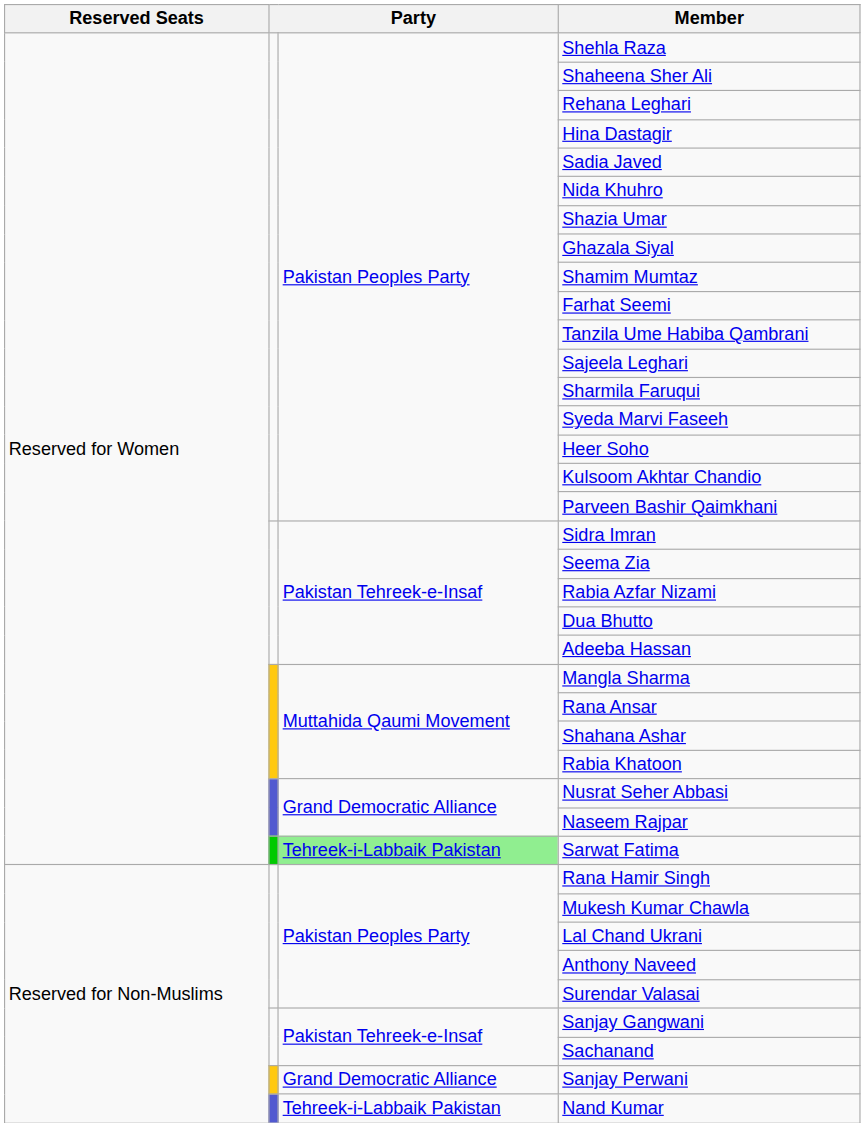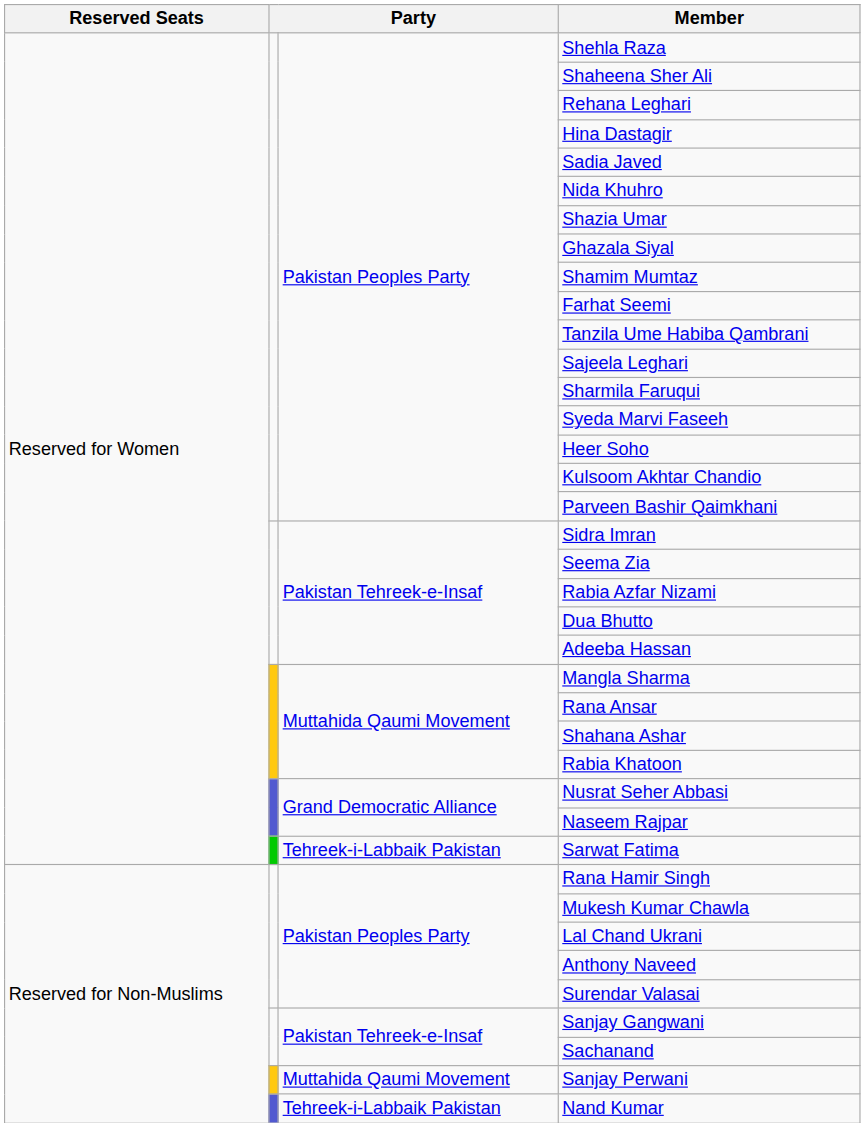 <table class="wikitable sortable" style="width: 60%;">
 <tr>
 <th class="unsortable">Reserved Seats</th>
 <th colspan="2">Party</th>
 <th class="unsortable">Member</th>
 </tr>
 <tr>
 <td rowspan="29">Reserved for Women</td>
 <td rowspan="17" style="background-color:"></td>
 <td rowspan="17"><a href='#'>Pakistan Peoples Party</a></td>
 <td><a href='#'>Shehla Raza</a></td>
 </tr>
 <tr>
 <td><a href='#'>Shaheena Sher Ali</a></td>
 </tr>
 <tr>
 <td><a href='#'>Rehana Leghari</a></td>
 </tr>
 <tr>
 <td><a href='#'>Hina Dastagir</a></td>
 </tr>
 <tr>
 <td><a href='#'>Sadia Javed</a></td>
 </tr>
 <tr>
 <td><a href='#'>Nida Khuhro</a></td>
 </tr>
 <tr>
 <td><a href='#'>Shazia Umar</a></td>
 </tr>
 <tr>
 <td><a href='#'>Ghazala Siyal</a></td>
 </tr>
 <tr>
 <td><a href='#'>Shamim Mumtaz</a></td>
 </tr>
 <tr>
 <td><a href='#'>Farhat Seemi</a></td>
 </tr>
 <tr>
 <td><a href='#'>Tanzila Ume Habiba Qambrani</a></td>
 </tr>
 <tr>
 <td><a href='#'>Sajeela Leghari</a></td>
 </tr>
 <tr>
 <td><a href='#'>Sharmila Faruqui</a></td>
 </tr>
 <tr>
 <td><a href='#'>Syeda Marvi Faseeh</a></td>
 </tr>
 <tr>
 <td><a href='#'>Heer Soho</a></td>
 </tr>
 <tr>
 <td><a href='#'>Kulsoom Akhtar Chandio</a></td>
 </tr>
 <tr>
 <td><a href='#'>Parveen Bashir Qaimkhani</a></td>
 </tr>
 <tr>
 <td rowspan="5" style="background-color:"></td>
 <td rowspan="5"><a href='#'>Pakistan Tehreek-e-Insaf</a></td>
 <td><a href='#'>Sidra Imran</a></td>
 </tr>
 <tr>
 <td><a href='#'>Seema Zia</a></td>
 </tr>
 <tr>
 <td><a href='#'>Rabia Azfar Nizami</a></td>
 </tr>
 <tr>
 <td><a href='#'>Dua Bhutto</a></td>
 </tr>
 <tr>
 <td><a href='#'>Adeeba Hassan</a></td>
 </tr>
 <tr>
 <td rowspan="4" style="background-color:#ffc90e"></td>
 <td rowspan="4"><a href='#'>Muttahida Qaumi Movement</a></td>
 <td><a href='#'>Mangla Sharma</a></td>
 </tr>
 <tr>
 <td><a href='#'>Rana Ansar</a></td>
 </tr>
 <tr>
 <td><a href='#'>Shahana Ashar</a></td>
 </tr>
 <tr>
 <td><a href='#'>Rabia Khatoon</a></td>
 </tr>
 <tr>
 <td rowspan="2" style="background-color:#5159d0 "></td>
 <td rowspan="2"><a href='#'>Grand Democratic Alliance</a></td>
 <td><a href='#'>Nusrat Seher Abbasi</a></td>
 </tr>
 <tr>
 <td><a href='#'>Naseem Rajpar</a></td>
 </tr>
 <tr>
 <td style="color:inherit;background:#00ca00"></td>
-<td style="background: lightgreen;"><a href='#'>Tehreek-i-Labbaik Pakistan</a></td>
+<td><a href='#'>Tehreek-i-Labbaik Pakistan</a></td>
 <td><a href='#'>Sarwat Fatima</a></td>
 </tr>
 <tr>
 <td rowspan="9">Reserved for Non-Muslims</td>
 <td rowspan="5" style="background-color:"></td>
 <td rowspan="5"><a href='#'>Pakistan Peoples Party</a></td>
 <td><a href='#'>Rana Hamir Singh</a></td>
 </tr>
 <tr>
 <td><a href='#'>Mukesh Kumar Chawla</a></td>
 </tr>
 <tr>
 <td><a href='#'>Lal Chand Ukrani</a></td>
 </tr>
 <tr>
 <td><a href='#'>Anthony Naveed</a></td>
 </tr>
 <tr>
 <td><a href='#'>Surendar Valasai</a></td>
 </tr>
 <tr>
 <td rowspan="2" style="background-color:"></td>
 <td rowspan="2"><a href='#'>Pakistan Tehreek-e-Insaf</a></td>
 <td><a href='#'>Sanjay Gangwani</a></td>
 </tr>
 <tr>
 <td><a href='#'>Sachanand</a></td>
 </tr>
 <tr>
 <td style="color:inherit;background:#ffc90e"></td>
-<td><a href='#'>Grand Democratic Alliance</a></td>
+<td><a href='#'>Muttahida Qaumi Movement</a></td>
 <td><a href='#'>Sanjay Perwani</a></td>
 </tr>
 <tr>
 <td bgcolor=#5159d0></td>
 <td><a href='#'>Tehreek-i-Labbaik Pakistan</a></td>
 <td><a href='#'>Nand Kumar</a></td>
 </tr>
 </table>
